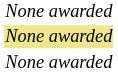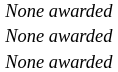 <table>
 <tr style="vertical-align:top;" style="background:#dfdfdf;">
 </tr>
 <tr style="vertical-align:center;">
 <th scope=row style="text-align:left"></th>
 <td><br></td>
 <td><br></td>
 <td><br></td>
 </tr>
 <tr style="vertical-align:top;">
 <th scope=row style="text-align:left"></th>
 <td></td>
 <td></td>
 <td></td>
 </tr>
 <tr style="vertical-align:top;">
 <th scope=row style="text-align:left"></th>
 <td></td>
 <td></td>
 <td></td>
 </tr>
 <tr style="vertical-align:top;">
 <th scope=row style="text-align:left"></th>
 <td></td>
 <td></td>
 <td></td>
 </tr>
 <tr style="vertical-align:top;">
 <th scope=row style="text-align:left"></th>
 <td></td>
 <td></td>
 <td></td>
 </tr>
 <tr style="vertical-align:top;">
 <th scope=row style="text-align:left"></th>
 <td></td>
 <td></td>
 <td></td>
 </tr>
 <tr style="vertical-align:center;">
 <th scope=row style="text-align:left"></th>
 <td><br></td>
 <td><br></td>
 <td><em>None awarded</em></td>
 </tr>
 <tr style="vertical-align:center;">
 <th scope=row style="text-align:left"></th>
 <td><br></td>
 <td><br></td>
-<td style="background: khaki;"><em>None awarded</em></td>
+<td><em>None awarded</em></td>
 </tr>
 <tr style="vertical-align:center;">
 <th scope=row style="text-align:left"></th>
 <td><br></td>
 <td><br></td>
 <td><em>None awarded</em></td>
 </tr>
 </table>
